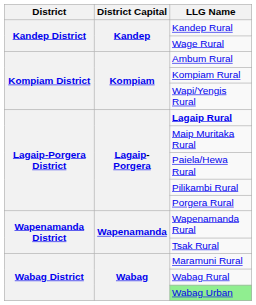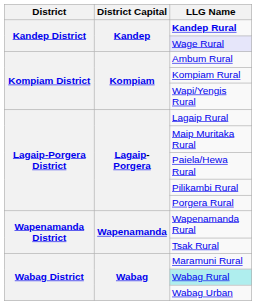 <table class="wikitable" style="text-align: left;" width="400">
 <tr>
 <th>District</th>
 <th>District Capital</th>
 <th>LLG Name</th>
 </tr>
 <tr>
 <th rowspan="2"><a href='#'>Kandep District</a></th>
 <th rowspan="2"><a href='#'>Kandep</a></th>
-<td><a href='#'>Kandep Rural</a></td>
+<td><strong><a href='#'>Kandep Rural</a></strong></td>
 </tr>
 <tr>
-<td><a href='#'>Wage Rural</a></td>
+<td style="background: lavender;"><a href='#'>Wage Rural</a></td>
 </tr>
 <tr>
 <th rowspan="3"><a href='#'>Kompiam District</a></th>
 <th rowspan="3"><a href='#'>Kompiam</a></th>
 <td><a href='#'>Ambum Rural</a></td>
 </tr>
 <tr>
 <td><a href='#'>Kompiam Rural</a></td>
 </tr>
 <tr>
 <td><a href='#'>Wapi/Yengis Rural</a></td>
 </tr>
 <tr>
 <th rowspan="5"><a href='#'>Lagaip-Porgera District</a></th>
 <th rowspan="5"><a href='#'>Lagaip</a>-<a href='#'>Porgera</a></th>
-<td><strong><a href='#'>Lagaip Rural</a></strong></td>
+<td><a href='#'>Lagaip Rural</a></td>
 </tr>
 <tr>
 <td><a href='#'>Maip Muritaka Rural</a></td>
 </tr>
 <tr>
 <td><a href='#'>Paiela/Hewa Rural</a></td>
 </tr>
 <tr>
 <td><a href='#'>Pilikambi Rural</a></td>
 </tr>
 <tr>
 <td><a href='#'>Porgera Rural</a></td>
 </tr>
 <tr>
 <th rowspan="2"><a href='#'>Wapenamanda District</a></th>
 <th rowspan="2"><a href='#'>Wapenamanda</a></th>
 <td><a href='#'>Wapenamanda Rural</a></td>
 </tr>
 <tr>
 <td><a href='#'>Tsak Rural</a></td>
 </tr>
 <tr>
 <th rowspan="3"><a href='#'>Wabag District</a></th>
 <th rowspan="3"><a href='#'>Wabag</a></th>
 <td><a href='#'>Maramuni Rural</a></td>
 </tr>
 <tr>
-<td><a href='#'>Wabag Rural</a></td>
+<td style="background: paleturquoise;"><a href='#'>Wabag Rural</a></td>
 </tr>
 <tr>
-<td style="background: lightgreen;"><a href='#'>Wabag Urban</a></td>
+<td><a href='#'>Wabag Urban</a></td>
 </tr>
 </table>
